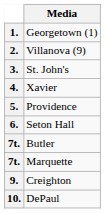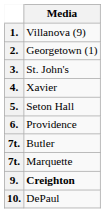 <table class="wikitable" style="white-space:nowrap; font-size:90%;">
 <tr>
 <td ! colspan=1 style="background:white; border-top-style:hidden; border-left-style:hidden;"></td>
 <th>Media</th>
 </tr>
 <tr>
 <th>1.</th>
-<td>Georgetown (1)</td>
+<td>Villanova (9)</td>
 </tr>
 <tr>
 <th>2.</th>
-<td>Villanova (9)</td>
+<td>Georgetown (1)</td>
 </tr>
 <tr>
 <th>3.</th>
 <td>St. John's</td>
 </tr>
 <tr>
 <th>4.</th>
 <td>Xavier</td>
 </tr>
 <tr>
 <th>5.</th>
-<td>Providence</td>
+<td>Seton Hall</td>
 </tr>
 <tr>
 <th>6.</th>
-<td>Seton Hall</td>
+<td>Providence</td>
 </tr>
 <tr>
 <th>7t.</th>
 <td>Butler</td>
 </tr>
 <tr>
 <th>7t.</th>
 <td>Marquette</td>
 </tr>
 <tr>
 <th>9.</th>
-<td>Creighton</td>
+<td><strong>Creighton</strong></td>
 </tr>
 <tr>
 <th>10.</th>
 <td>DePaul</td>
 </tr>
 </table>
